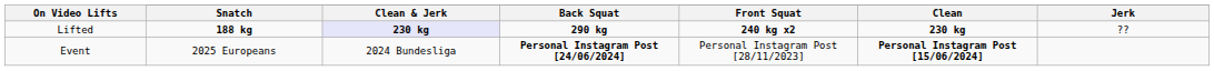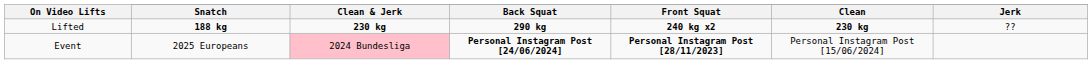 <table class="wikitable" style="text-align:center;">
 <tr>
 <th rowspan="2" width="200">On Video Lifts</th>
 </tr>
 <tr>
 <th width="250">Snatch</th>
 <th width="250">Clean & Jerk</th>
 <th width="250">Back Squat</th>
 <th width="250">Front Squat</th>
 <th width="250">Clean</th>
 <th width="250">Jerk</th>
 </tr>
 <tr>
 <td>Lifted</td>
 <td><strong>188 kg</strong></td>
-<td style="background: lavender;"><strong>230 kg</strong></td>
+<td><strong>230 kg</strong></td>
 <td><strong>290 kg</strong></td>
 <td><strong>240 kg x2</strong></td>
 <td><strong>230 kg</strong></td>
 <td>??</td>
 </tr>
 <tr>
 <td>Event</td>
 <td>2025 Europeans</td>
-<td>2024 Bundesliga</td>
+<td style="background: pink;">2024 Bundesliga</td>
 <td><strong>Personal Instagram Post [24/06/2024]</strong></td>
-<td>Personal Instagram Post [28/11/2023]</td>
-<td><strong>Personal Instagram Post [15/06/2024]</strong></td>
+<td><strong>Personal Instagram Post [28/11/2023]</strong></td>
+<td>Personal Instagram Post [15/06/2024]</td>
 </tr>
 </table>
